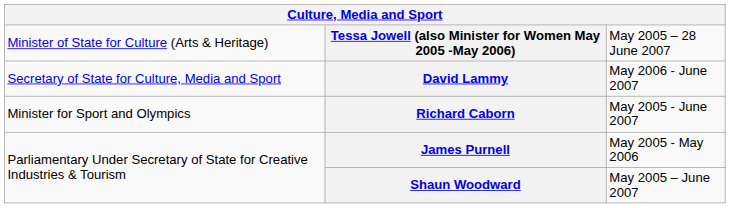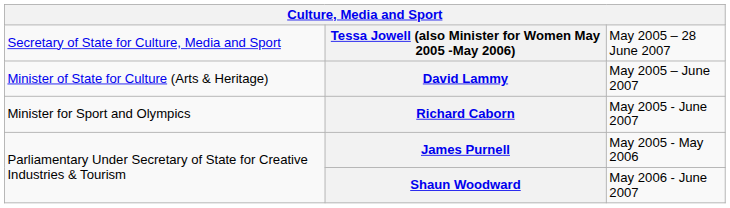 <table class="wikitable plainrowheaders" width=100% style="max-width:55em;">
 <tr>
 <th colspan=4><a href='#'>Culture, Media and Sport</a></th>
 </tr>
 <tr>
-<td><a href='#'>Minister of State for Culture</a> (Arts & Heritage)</td>
+<td><a href='#'>Secretary of State for Culture, Media and Sport</a></td>
 <th scope="row" style="font-weight:bold;"><a href='#'>Tessa Jowell</a> (also Minister for Women May 2005 -May 2006)</th>
 <td>May 2005 – 28 June 2007</td>
 </tr>
 <tr>
-<td><a href='#'>Secretary of State for Culture, Media and Sport</a></td>
+<td><a href='#'>Minister of State for Culture</a> (Arts & Heritage)</td>
 <th scope="row"><a href='#'>David Lammy</a></th>
-<td>May 2006 - June 2007</td>
+<td>May 2005 – June 2007</td>
 </tr>
 <tr>
 <td>Minister for Sport and Olympics</td>
 <th scope="row"><a href='#'>Richard Caborn</a></th>
 <td>May 2005 - June 2007</td>
 </tr>
 <tr>
 <td rowspan="2">Parliamentary Under Secretary of State for Creative Industries & Tourism</td>
 <th scope="row"><a href='#'>James Purnell</a></th>
 <td>May 2005 - May 2006</td>
 </tr>
 <tr>
 <th scope="row"><a href='#'>Shaun Woodward</a></th>
-<td>May 2005 – June 2007</td>
+<td>May 2006 - June 2007</td>
 </tr>
 </table>
